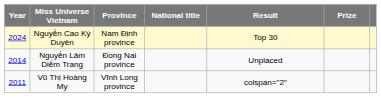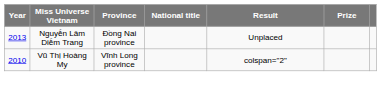 <table class="wikitable sortable" style="font-size: 83%; text-align:center">
 <tr bgcolor="#787878" align="center" colspan="10">
 <th width="60" style="background-color:#787878;color:#FFFFFF;"><span><strong>Year</strong></span></th>
 <th width="250" style="background-color:#787878;color:#FFFFFF;">Miss Universe Vietnam</th>
 <th width="150" style="background-color:#787878;color:#FFFFFF;"><span><strong>Province</strong></span></th>
 <th width="250" style="background-color:#787878;color:#FFFFFF;"><span><strong>National title</strong></span></th>
 <th width="600" style="background-color:#787878;color:#FFFFFF;"><span><strong>Result</strong></span></th>
 <th width="200" style="background-color:#787878;color:#FFFFFF;"><span><strong>Prize</strong></span></th>
 <th width="20" style="background-color:#787878;color:#FFFFFF;"><span><strong></strong></span></th>
 </tr>
 <tr>
 </tr>
-<tr style="background-color:#FFFACD">
-<td> <a href='#'>2024</a></td>
-<td>Nguyễn Cao Kỳ Duyên</td>
-<td>Nam Định province</td>
-<td></td>
-<td>Top 30</td>
-<td></td>
-<td></td>
-</tr>
 <tr>
-<td> <a href='#'>2014</a></td>
+<td> <a href='#'>2013</a></td>
 <td>Nguyễn Lâm Diễm Trang</td>
 <td>Đồng Nai province</td>
 <td></td>
 <td>Unplaced</td>
 <td></td>
 </tr>
 <tr>
-<td> <a href='#'>2011</a></td>
+<td> <a href='#'>2010</a></td>
 <td>Vũ Thị Hoàng My</td>
 <td>Vĩnh Long province</td>
 <td></td>
 <td>colspan="2" </td>
 <td></td>
 <td></td>
 </tr>
 </table>
